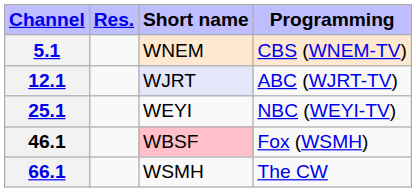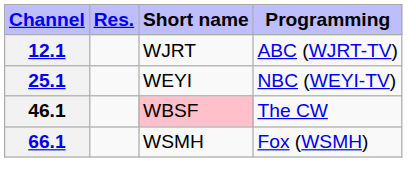 <table class="wikitable">
 <tr>
 <th style="background-color: #bdbdff" scope = "col"><a href='#'>Channel</a></th>
 <th style="background-color: #bdbdff" scope = "col"><a href='#'>Res.</a></th>
 <th style="background-color: #bdbdff" scope = "col">Short name</th>
 <th style="background-color: #bdbdff" scope = "col">Programming</th>
 </tr>
 <tr>
-<th scope = "row"><a href='#'>5.1</a></th>
-<td></td>
-<td style="background-color:#ffe8d0">WNEM</td>
-<td style="background-color:#ffe8d0"><a href='#'>CBS</a> (<a href='#'>WNEM-TV</a>) </td>
-</tr>
-<tr>
 <th scope = "row"><a href='#'>12.1</a></th>
 <td></td>
-<td style="background: lavender;">WJRT</td>
+<td>WJRT</td>
 <td><a href='#'>ABC</a> (<a href='#'>WJRT-TV</a>)</td>
 </tr>
 <tr>
 <th scope = "row"><a href='#'>25.1</a></th>
 <td></td>
 <td>WEYI</td>
 <td><a href='#'>NBC</a> (<a href='#'>WEYI-TV</a>)</td>
 </tr>
 <tr>
 <th scope = "row">46.1</th>
 <td></td>
 <td style="background: pink;">WBSF</td>
-<td><a href='#'>Fox</a> (<a href='#'>WSMH</a>)</td>
+<td><a href='#'>The CW</a></td>
 </tr>
 <tr>
 <th scope = "row"><a href='#'>66.1</a></th>
 <td></td>
 <td>WSMH</td>
-<td><a href='#'>The CW</a></td>
+<td><a href='#'>Fox</a> (<a href='#'>WSMH</a>)</td>
 </tr>
 </table>
